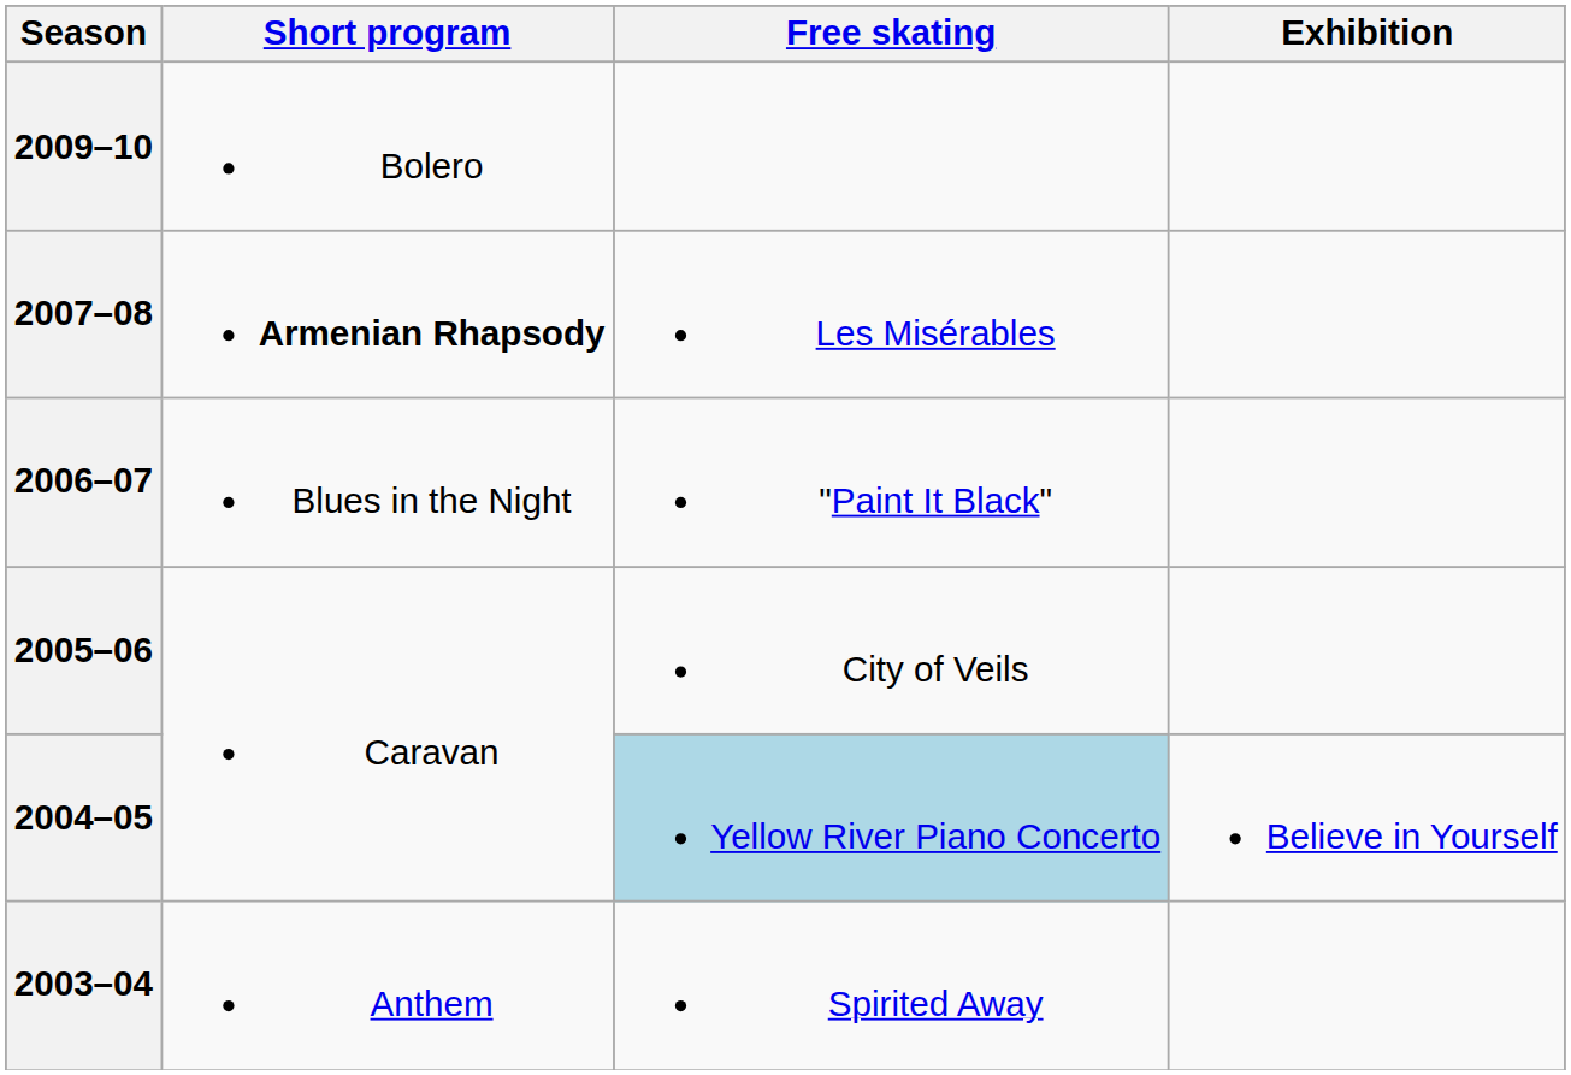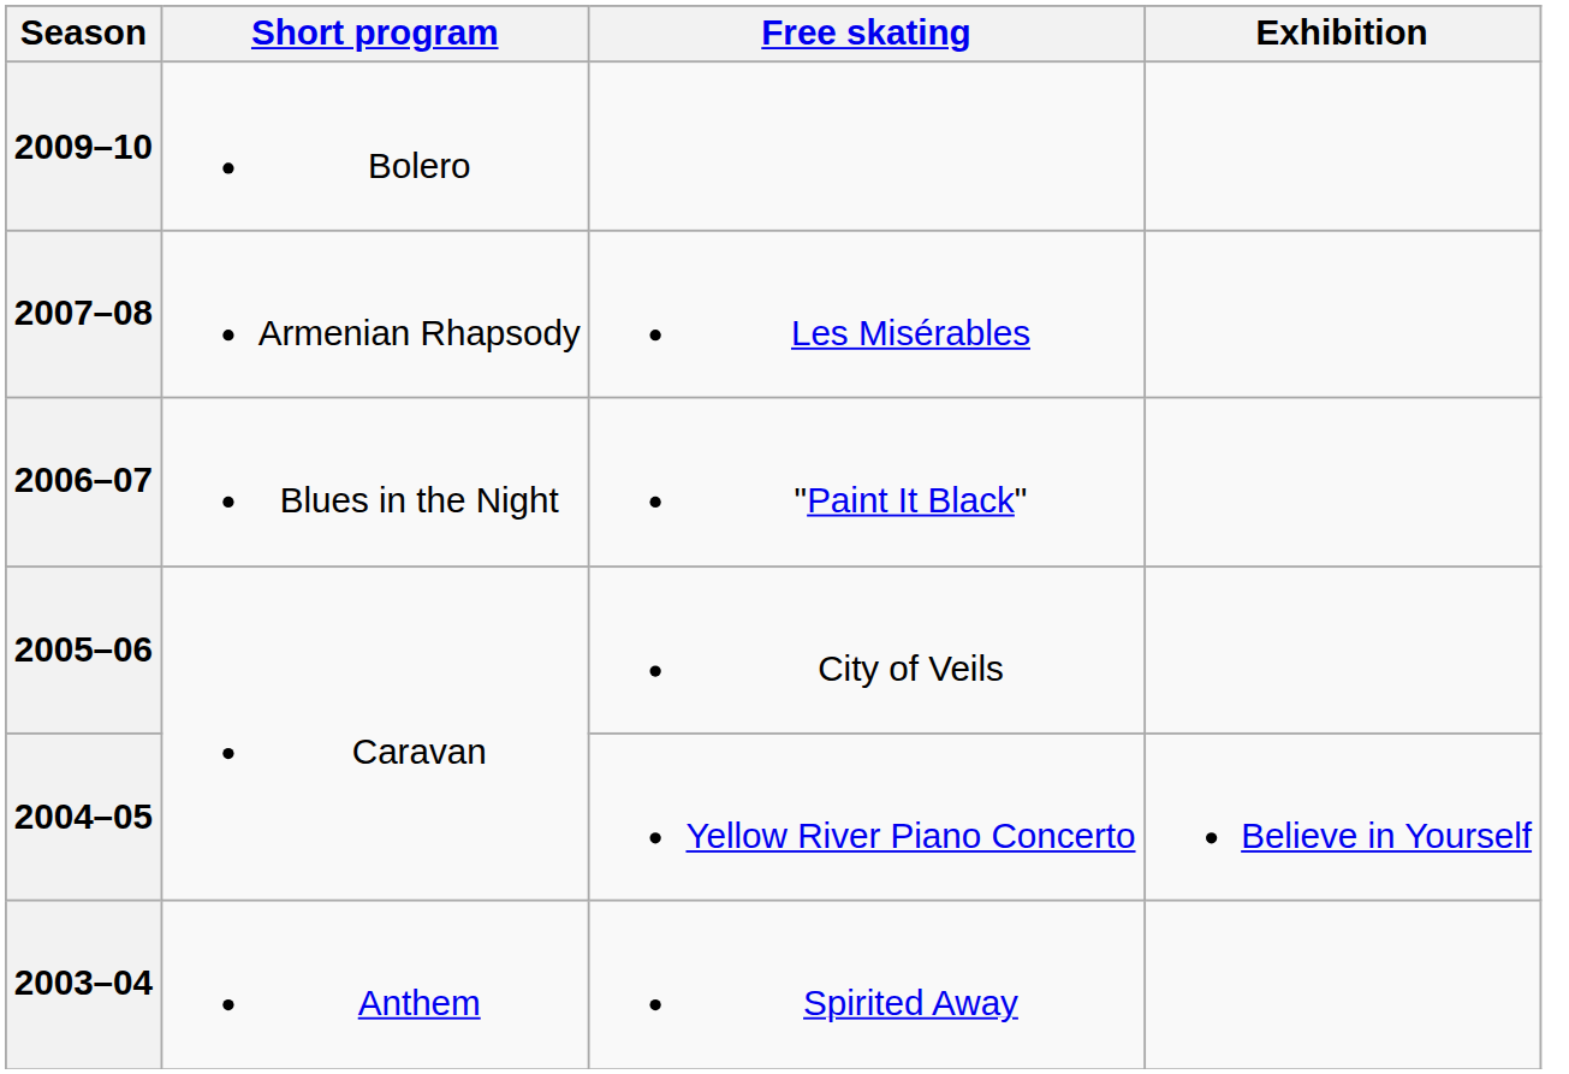 <table class="wikitable" style="text-align:center">
 <tr>
 <th>Season</th>
 <th><a href='#'>Short program</a></th>
 <th><a href='#'>Free skating</a></th>
 <th>Exhibition</th>
 </tr>
 <tr>
 <th>2009–10</th>
 <td><br><ul><li>Bolero <br></li></ul></td>
 <td></td>
 <td></td>
 </tr>
 <tr>
 <th>2007–08 <br> </th>
-<td><strong><br><ul><li>Armenian Rhapsody <br></li></ul></strong></td>
+<td><br><ul><li>Armenian Rhapsody <br></li></ul></td>
 <td><br><ul><li><a href='#'>Les Misérables</a> <br></li></ul></td>
 <td></td>
 </tr>
 <tr>
 <th>2006–07 <br> </th>
 <td><br><ul><li>Blues in the Night</li></ul></td>
 <td><br><ul><li>"<a href='#'>Paint It Black</a>" <br></li></ul></td>
 <td></td>
 </tr>
 <tr>
 <th>2005–06 <br> </th>
 <td rowspan=2><br><ul><li>Caravan <br></li></ul></td>
 <td><br><ul><li>City of Veils</li></ul></td>
 <td></td>
 </tr>
 <tr>
 <th>2004–05 <br> </th>
-<td style="background: lightblue;"><br><ul><li><a href='#'>Yellow River Piano Concerto</a></li></ul></td>
+<td><br><ul><li><a href='#'>Yellow River Piano Concerto</a></li></ul></td>
 <td><br><ul><li><a href='#'>Believe in Yourself</a> <br></li></ul></td>
 </tr>
 <tr>
 <th>2003–04 <br> </th>
 <td><br><ul><li><a href='#'>Anthem</a> <br></li></ul></td>
 <td><br><ul><li><a href='#'>Spirited Away</a> <br></li></ul></td>
 <td></td>
 </tr>
 </table>
